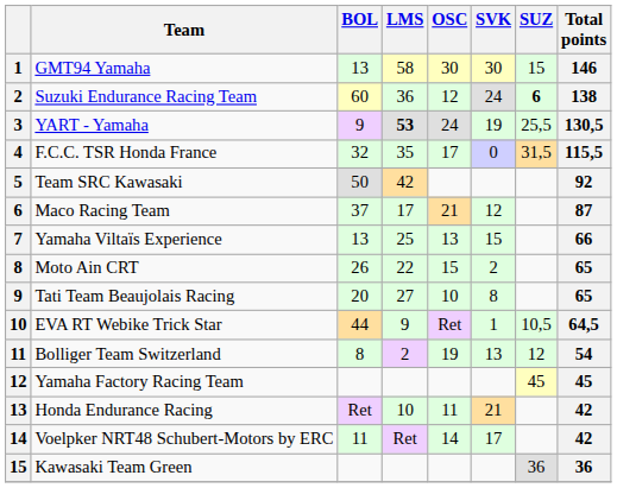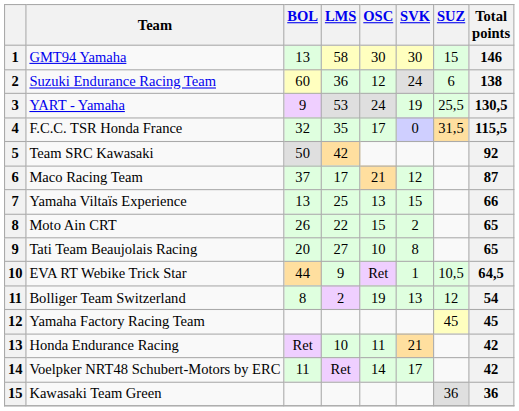 <table class="wikitable" style="font-size: 85%; text-align:center;">
 <tr valign="top">
 <th valign=middle></th>
 <th valign=middle>Team</th>
 <th><a href='#'>BOL</a><br></th>
 <th><a href='#'>LMS</a><br></th>
 <th><a href='#'>OSC</a><br></th>
 <th><a href='#'>SVK</a><br></th>
 <th><a href='#'>SUZ</a><br></th>
 <th valign=middle>Total<br>points</th>
 </tr>
 <tr>
 <th>1</th>
 <td align=left> <a href='#'>GMT94 Yamaha</a></td>
 <td style="background:#dfffdf;">13</td>
 <td style="background:#ffffbf;">58</td>
 <td style="background:#ffffbf;">30</td>
 <td style="background:#ffffbf;">30</td>
 <td style="background:#dfffdf;">15</td>
 <th>146</th>
 </tr>
 <tr>
 <th>2</th>
 <td align=left> <a href='#'>Suzuki Endurance Racing Team</a></td>
 <td style="background:#FFFFBF;">60</td>
 <td style="background:#dfffdf;">36</td>
 <td style="background:#dfffdf;">12</td>
 <td style="background:#dfdfdf;">24</td>
-<td style="background:#dfffdf;"><strong>6</strong></td>
+<td style="background:#dfffdf;">6</td>
 <th>138</th>
 </tr>
 <tr>
 <th>3</th>
 <td align=left> <a href='#'>YART - Yamaha</a></td>
 <td style="background:#efcfff;">9</td>
-<td style="background:#dfdfdf;"><strong>53</strong></td>
+<td style="background:#dfdfdf;">53</td>
 <td style="background:#dfdfdf;">24</td>
 <td style="background:#dfffdf;">19</td>
 <td style="background:#dfffdf;">25,5</td>
 <th>130,5</th>
 </tr>
 <tr>
 <th>4</th>
 <td align=left> F.C.C. TSR Honda France</td>
 <td style="background:#dfffdf;">32</td>
 <td style="background:#dfffdf;">35</td>
 <td style="background:#dfffdf;">17</td>
 <td style="background:#cfcfff;">0</td>
 <td style="background:#ffdf9f;">31,5</td>
 <th>115,5</th>
 </tr>
 <tr>
 <th>5</th>
 <td align=left> Team SRC Kawasaki</td>
 <td style="background:#dfdfdf;">50</td>
 <td style="background:#ffdf9f;">42</td>
 <td></td>
 <td></td>
 <td></td>
 <th>92</th>
 </tr>
 <tr>
 <th>6</th>
 <td align=left> Maco Racing Team</td>
 <td style="background:#dfffdf;">37</td>
 <td style="background:#dfffdf;">17</td>
 <td style="background:#ffdf9f;">21</td>
 <td style="background:#dfffdf;">12</td>
 <td></td>
 <th>87</th>
 </tr>
 <tr>
 <th>7</th>
 <td align=left> Yamaha Viltaïs Experience</td>
 <td style="background:#dfffdf;">13</td>
 <td style="background:#dfffdf;">25</td>
 <td style="background:#dfffdf;">13</td>
 <td style="background:#dfffdf;">15</td>
 <td></td>
 <th>66</th>
 </tr>
 <tr>
 <th>8</th>
 <td align=left> Moto Ain CRT</td>
 <td style="background:#dfffdf;">26</td>
 <td style="background:#dfffdf;">22</td>
 <td style="background:#dfffdf;">15</td>
 <td style="background:#dfffdf;">2</td>
 <td></td>
 <th>65</th>
 </tr>
 <tr>
 <th>9</th>
 <td align=left> Tati Team Beaujolais Racing</td>
 <td style="background:#dfffdf;">20</td>
 <td style="background:#dfffdf;">27</td>
 <td style="background:#dfffdf;">10</td>
 <td style="background:#dfffdf;">8</td>
 <td></td>
 <th>65</th>
 </tr>
 <tr>
 <th>10</th>
 <td align=left> EVA RT Webike Trick Star</td>
 <td style="background:#ffdf9f;">44</td>
 <td style="background:#dfffdf;">9</td>
 <td style="background:#efcfff;">Ret</td>
 <td style="background:#dfffdf;">1</td>
 <td style="background:#dfffdf;">10,5</td>
 <th>64,5</th>
 </tr>
 <tr>
 <th>11</th>
 <td align=left> Bolliger Team Switzerland</td>
 <td style="background:#dfffdf;">8</td>
 <td style="background:#efcfff;">2</td>
 <td style="background:#dfffdf;">19</td>
 <td style="background:#dfffdf;">13</td>
 <td style="background:#dfffdf;">12</td>
 <th>54</th>
 </tr>
 <tr>
 <th>12</th>
 <td align=left> Yamaha Factory Racing Team</td>
 <td></td>
 <td></td>
 <td></td>
 <td></td>
 <td style="background:#ffffbf;">45</td>
 <th>45</th>
 </tr>
 <tr>
 <th>13</th>
 <td align=left> Honda Endurance Racing</td>
 <td style="background:#efcfff;">Ret</td>
 <td style="background:#dfffdf;">10</td>
 <td style="background:#dfffdf;">11</td>
 <td style="background:#ffdf9f;">21</td>
 <td></td>
 <th>42</th>
 </tr>
 <tr>
 <th>14</th>
 <td align=left> Voelpker NRT48 Schubert-Motors by ERC</td>
 <td style="background:#dfffdf;">11</td>
 <td style="background:#efcfff;">Ret</td>
 <td style="background:#dfffdf;">14</td>
 <td style="background:#dfffdf;">17</td>
 <td></td>
 <th>42</th>
 </tr>
 <tr>
 <th>15</th>
 <td align=left> Kawasaki Team Green</td>
 <td></td>
 <td></td>
 <td></td>
 <td></td>
 <td style="background:#dfdfdf;">36</td>
 <th>36</th>
 </tr>
 <tr>
 </tr>
 </table>
